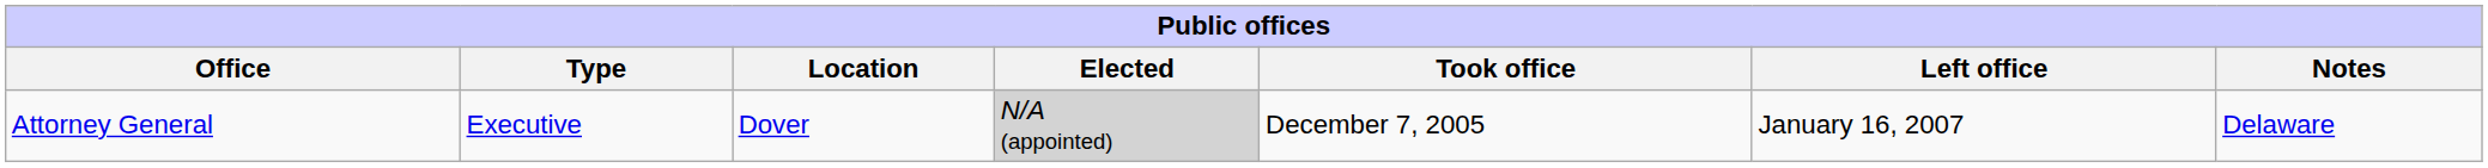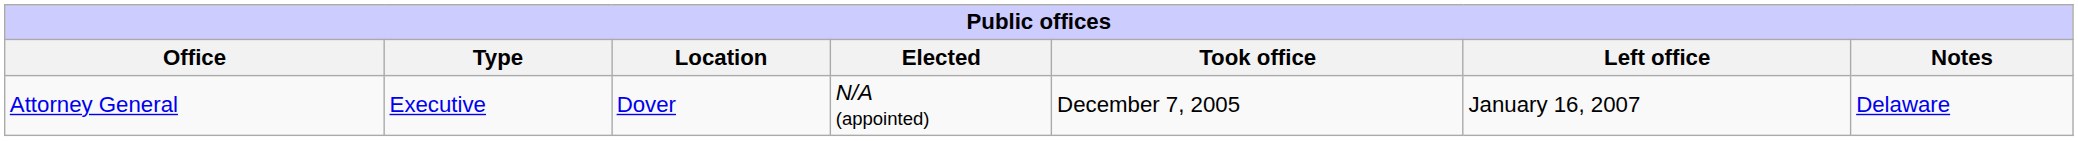 <table class=wikitable style="width: 94%" style="text-align: center;" align="center">
 <tr bgcolor=#cccccc>
 <th colspan=7 style="background: #ccccff;">Public offices</th>
 </tr>
 <tr>
 <th><strong>Office</strong></th>
 <th><strong>Type</strong></th>
 <th><strong>Location</strong></th>
 <th><strong>Elected</strong></th>
 <th><strong>Took office</strong></th>
 <th><strong>Left office</strong></th>
 <th><strong>Notes</strong></th>
 </tr>
 <tr>
 <td><a href='#'>Attorney General</a></td>
 <td><a href='#'>Executive</a></td>
 <td><a href='#'>Dover</a></td>
-<td style="background: lightgrey;"><em>N/A</em><br> <small>(appointed)</small></td>
+<td><em>N/A</em><br> <small>(appointed)</small></td>
 <td>December 7, 2005</td>
 <td>January 16, 2007</td>
 <td><a href='#'>Delaware</a></td>
 </tr>
 </table>
